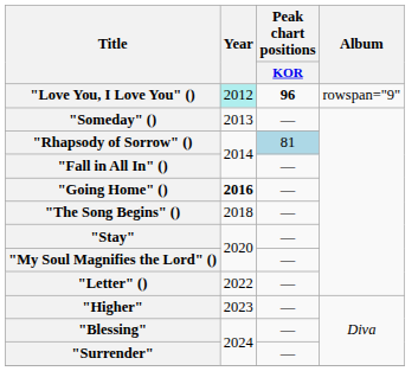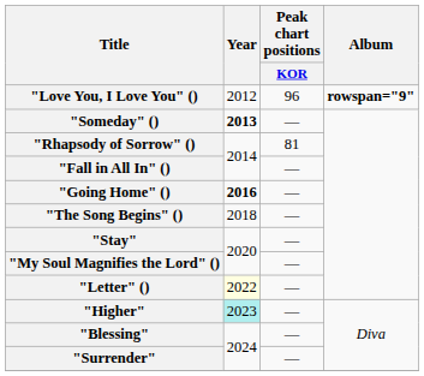 <table class="wikitable plainrowheaders" style="text-align:center;">
 <tr>
 <th rowspan="2" scope="col">Title</th>
 <th rowspan="2" scope="col">Year</th>
 <th>Peak chart positions</th>
 <th rowspan="2" scope="col">Album</th>
 </tr>
 <tr>
 <th scope="col" style="width:2.5em;font-size:90%;"><a href='#'>KOR</a><br></th>
 </tr>
 <tr>
 <th scope="row">"Love You, I Love You" ()<br></th>
-<td style="background: paleturquoise;">2012</td>
-<td><strong>96</strong></td>
-<td>rowspan="9" </td>
+<td>2012</td>
+<td>96</td>
+<td><strong>rowspan="9" </strong></td>
 </tr>
 <tr>
 <th scope="row">"Someday" ()</th>
-<td>2013</td>
+<td><strong>2013</strong></td>
 <td>—</td>
 </tr>
 <tr>
 <th scope="row">"Rhapsody of Sorrow" ()</th>
 <td rowspan="2">2014</td>
-<td style="background: lightblue;">81</td>
+<td>81</td>
 </tr>
 <tr>
 <th scope="row">"Fall in All In" ()<br></th>
 <td>—</td>
 </tr>
 <tr>
 <th scope="row">"Going Home" ()</th>
 <td><strong>2016</strong></td>
 <td>—</td>
 </tr>
 <tr>
 <th scope="row">"The Song Begins" ()<br></th>
 <td>2018</td>
 <td>—</td>
 </tr>
 <tr>
 <th scope="row">"Stay"</th>
 <td rowspan="2">2020</td>
 <td>—</td>
 </tr>
 <tr>
 <th scope="row">"My Soul Magnifies the Lord" ()<br></th>
 <td>—</td>
 </tr>
 <tr>
 <th scope="row">"Letter" ()</th>
-<td>2022</td>
+<td style="background: lightyellow;">2022</td>
 <td>—</td>
 </tr>
 <tr>
 <th scope="row">"Higher"</th>
-<td>2023</td>
+<td style="background: paleturquoise;">2023</td>
 <td>—</td>
 <td rowspan="3"><em>Diva</em></td>
 </tr>
 <tr>
 <th scope="row">"Blessing"<br></th>
 <td rowspan="2">2024</td>
 <td>—</td>
 </tr>
 <tr>
 <th scope="row">"Surrender"</th>
 <td>—</td>
 </tr>
 <tr>
 </tr>
 </table>
